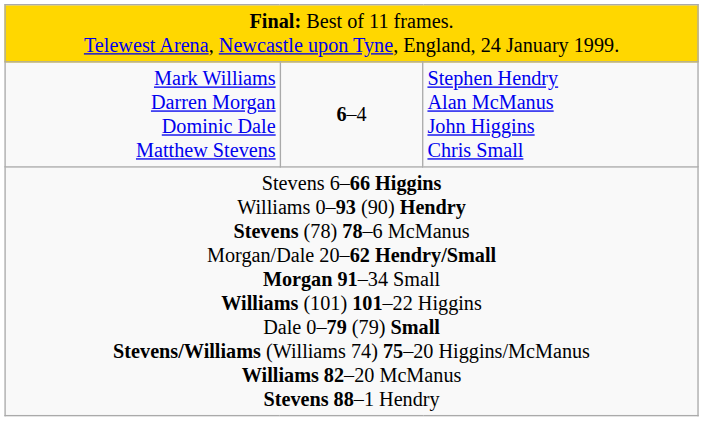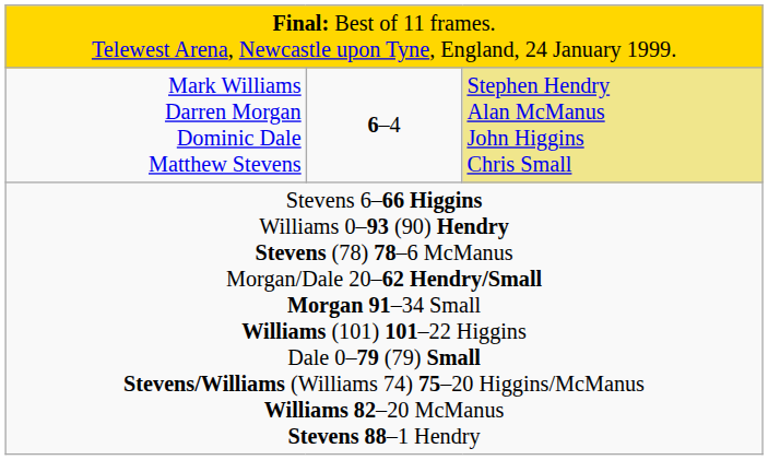 <table class="wikitable" style="font-size: 95%; margin: 1em auto 1em auto;">
 <tr>
 <td colspan="3"  style="text-align:center; background:gold;"><strong>Final:</strong> Best of 11 frames.<br><a href='#'>Telewest Arena</a>, <a href='#'>Newcastle upon Tyne</a>, England, 24 January 1999.</td>
 </tr>
 <tr>
 <td style="width:200px; text-align:right;"><a href='#'>Mark Williams</a><br><a href='#'>Darren Morgan</a><br><a href='#'>Dominic Dale</a><br><a href='#'>Matthew Stevens</a><br><strong></strong></td>
 <td style="width:100px; text-align:center;"><strong>6</strong>–4</td>
-<td style="width:200px;"><a href='#'>Stephen Hendry</a><br><a href='#'>Alan McManus</a><br><a href='#'>John Higgins</a><br><a href='#'>Chris Small</a><br></td>
+<td style="background: khaki; width:200px;"><a href='#'>Stephen Hendry</a><br><a href='#'>Alan McManus</a><br><a href='#'>John Higgins</a><br><a href='#'>Chris Small</a><br></td>
 </tr>
 <tr>
 <td colspan="3"  style="text-align:center; font-size:100%;">Stevens 6–<strong>66 Higgins</strong><br>Williams 0–<strong>93</strong> (90) <strong>Hendry</strong><br><strong>Stevens</strong> (78) <strong>78</strong>–6 McManus<br>Morgan/Dale 20–<strong>62 Hendry/Small</strong><br><strong>Morgan 91</strong>–34 Small<br><strong>Williams</strong> (101) <strong>101</strong>–22 Higgins<br>Dale 0–<strong>79</strong> (79) <strong>Small</strong><br><strong>Stevens/Williams</strong> (Williams 74) <strong>75</strong>–20 Higgins/McManus<br><strong>Williams 82</strong>–20 McManus<br><strong>Stevens 88</strong>–1 Hendry</td>
 </tr>
 </table>
